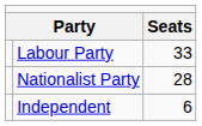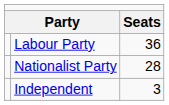 <table class="wikitable" style="text-align:right">
 <tr>
 <td colspan="7"></td>
 </tr>
 <tr>
 <th colspan="2">Party</th>
 <th>Seats</th>
 </tr>
 <tr>
 <td></td>
 <td align="left"><a href='#'>Labour Party</a></td>
-<td>33</td>
+<td>36</td>
 </tr>
 <tr>
 <td></td>
 <td align="left"><a href='#'>Nationalist Party</a></td>
 <td>28</td>
 </tr>
 <tr>
 <td></td>
 <td align="left"><a href='#'>Independent</a></td>
-<td>6</td>
+<td>3</td>
 </tr>
 </table>
